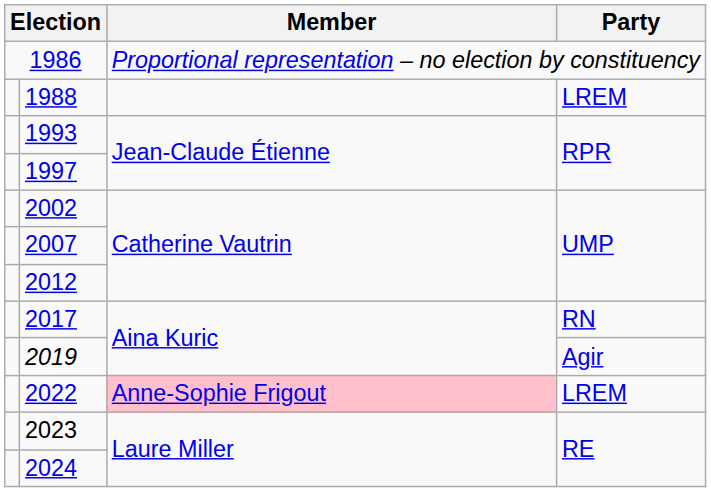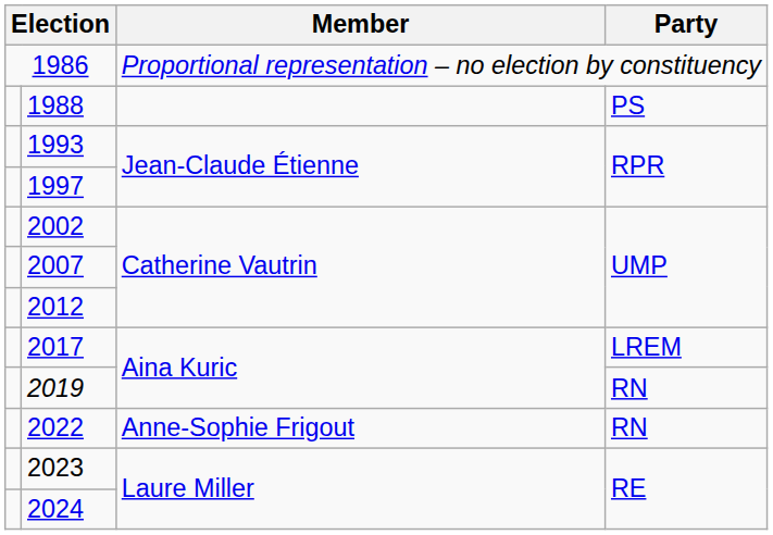 <table class="wikitable">
 <tr>
 <th colspan="2">Election</th>
 <th>Member</th>
 <th>Party</th>
 </tr>
 <tr>
 <td colspan="2" align="center"><a href='#'>1986</a></td>
 <td colspan="2"><em><a href='#'>Proportional representation</a> – no election by constituency</em></td>
 </tr>
 <tr>
 <td style="color:inherit;background-color: "></td>
 <td><a href='#'>1988</a></td>
 <td></td>
-<td><a href='#'>LREM</a></td>
+<td><a href='#'>PS</a></td>
 </tr>
 <tr>
 <td style="color:inherit;background-color: "></td>
 <td><a href='#'>1993</a></td>
 <td rowspan="2"><a href='#'>Jean-Claude Étienne</a></td>
 <td rowspan="2"><a href='#'>RPR</a></td>
 </tr>
 <tr>
 <td style="color:inherit;background-color: "></td>
 <td><a href='#'>1997</a></td>
 </tr>
 <tr>
 <td style="color:inherit;background-color: "></td>
 <td><a href='#'>2002</a></td>
 <td rowspan="3"><a href='#'>Catherine Vautrin</a></td>
 <td rowspan="3"><a href='#'>UMP</a></td>
 </tr>
 <tr>
 <td style="color:inherit;background-color: "></td>
 <td><a href='#'>2007</a></td>
 </tr>
 <tr>
 <td style="color:inherit;background-color: "></td>
 <td><a href='#'>2012</a></td>
 </tr>
 <tr>
 <td style="color:inherit;background-color: "></td>
 <td><a href='#'>2017</a></td>
 <td rowspan="2"><a href='#'>Aina Kuric</a></td>
+<td><a href='#'>LREM</a></td>
+</tr>
+<tr>
+<td style="color:inherit;background-color: "></td>
+<td><em>2019</em></td>
 <td><a href='#'>RN</a></td>
 </tr>
 <tr>
 <td style="color:inherit;background-color: "></td>
-<td><em>2019</em></td>
-<td><a href='#'>Agir</a></td>
-</tr>
-<tr>
-<td style="color:inherit;background-color: "></td>
 <td><a href='#'>2022</a></td>
-<td style="background: pink;"><a href='#'>Anne-Sophie Frigout</a></td>
-<td><a href='#'>LREM</a></td>
+<td><a href='#'>Anne-Sophie Frigout</a></td>
+<td><a href='#'>RN</a></td>
 </tr>
 <tr>
 <td style="color:inherit;background-color: "></td>
 <td>2023</td>
 <td rowspan="2"><a href='#'>Laure Miller</a></td>
 <td rowspan="2"><a href='#'>RE</a></td>
 </tr>
 <tr>
 <td style="color:inherit;background-color: "></td>
 <td><a href='#'>2024</a></td>
 </tr>
 </table>
